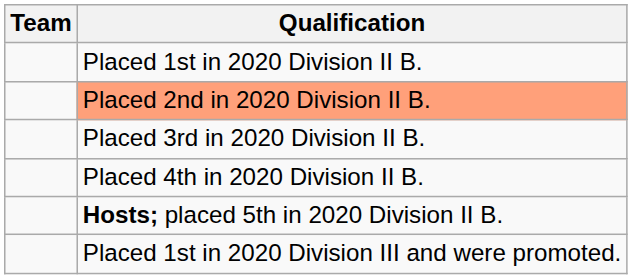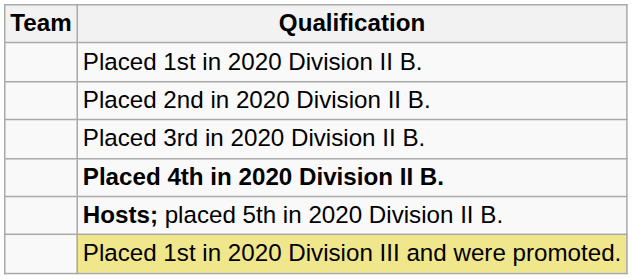 <table class="wikitable">
 <tr>
 <th>Team</th>
 <th>Qualification</th>
 </tr>
 <tr>
 <td></td>
 <td>Placed 1st in 2020 Division II B.</td>
 </tr>
 <tr>
 <td></td>
-<td style="background: lightsalmon;">Placed 2nd in 2020 Division II B.</td>
+<td>Placed 2nd in 2020 Division II B.</td>
 </tr>
 <tr>
 <td><s></s></td>
 <td>Placed 3rd in 2020 Division II B.</td>
 </tr>
 <tr>
 <td></td>
-<td>Placed 4th in 2020 Division II B.</td>
+<td><strong>Placed 4th in 2020 Division II B.</strong></td>
 </tr>
 <tr>
 <td></td>
 <td><strong>Hosts;</strong> placed 5th in 2020 Division II B.</td>
 </tr>
 <tr>
 <td></td>
-<td>Placed 1st in 2020 Division III and were promoted.</td>
+<td style="background: khaki;">Placed 1st in 2020 Division III and were promoted.</td>
 </tr>
 </table>
